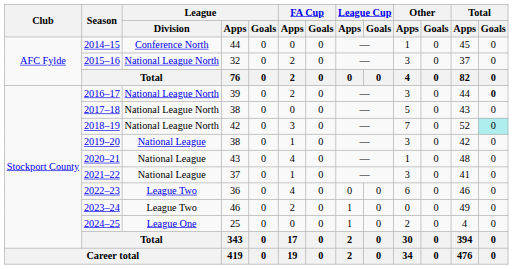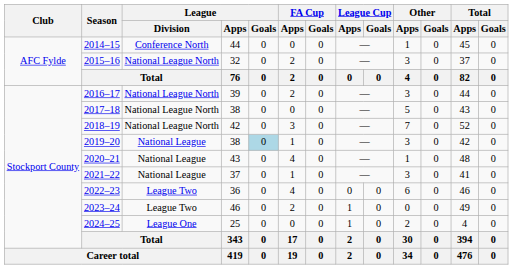 <table class="wikitable" style="text-align: center">
 <tr>
 <th rowspan="2">Club</th>
 <th rowspan="2">Season</th>
 <th colspan="3">League</th>
 <th colspan="2"><a href='#'>FA Cup</a></th>
 <th colspan="2"><a href='#'>League Cup</a></th>
 <th colspan="2">Other</th>
 <th colspan="2">Total</th>
 </tr>
 <tr>
 <th>Division</th>
 <th>Apps</th>
 <th>Goals</th>
 <th>Apps</th>
 <th>Goals</th>
 <th>Apps</th>
 <th>Goals</th>
 <th>Apps</th>
 <th>Goals</th>
 <th>Apps</th>
 <th>Goals</th>
 </tr>
 <tr>
 <td rowspan=3><a href='#'>AFC Fylde</a></td>
 <td><a href='#'>2014–15</a></td>
 <td><a href='#'>Conference North</a></td>
 <td>44</td>
 <td>0</td>
 <td>0</td>
 <td>0</td>
 <td colspan=2>—</td>
 <td>1</td>
 <td>0</td>
 <td>45</td>
 <td>0</td>
 </tr>
 <tr>
 <td><a href='#'>2015–16</a></td>
 <td><a href='#'>National League North</a></td>
 <td>32</td>
 <td>0</td>
 <td>2</td>
 <td>0</td>
 <td colspan=2>—</td>
 <td>3</td>
 <td>0</td>
 <td>37</td>
 <td>0</td>
 </tr>
 <tr>
 <th colspan=2>Total</th>
 <th>76</th>
 <th>0</th>
 <th>2</th>
 <th>0</th>
 <th>0</th>
 <th>0</th>
 <th>4</th>
 <th>0</th>
 <th>82</th>
 <th>0</th>
 </tr>
 <tr>
 <td rowspan=10><a href='#'>Stockport County</a></td>
 <td><a href='#'>2016–17</a></td>
 <td><a href='#'>National League North</a></td>
 <td>39</td>
 <td>0</td>
 <td>2</td>
 <td>0</td>
 <td colspan=2>—</td>
 <td>3</td>
 <td>0</td>
 <td>44</td>
-<td><strong>0</strong></td>
+<td>0</td>
 </tr>
 <tr>
 <td><a href='#'>2017–18</a></td>
 <td>National League North</td>
 <td>38</td>
 <td>0</td>
 <td>0</td>
 <td>0</td>
 <td colspan=2>—</td>
 <td>5</td>
 <td>0</td>
 <td>43</td>
 <td>0</td>
 </tr>
 <tr>
 <td><a href='#'>2018–19</a></td>
 <td>National League North</td>
 <td>42</td>
 <td>0</td>
 <td>3</td>
 <td>0</td>
 <td colspan=2>—</td>
 <td>7</td>
 <td>0</td>
 <td>52</td>
-<td style="background: paleturquoise;">0</td>
+<td>0</td>
 </tr>
 <tr>
 <td><a href='#'>2019–20</a></td>
 <td><a href='#'>National League</a></td>
 <td>38</td>
-<td>0</td>
+<td style="background: lightblue;">0</td>
 <td>1</td>
 <td>0</td>
 <td colspan=2>—</td>
 <td>3</td>
 <td>0</td>
 <td>42</td>
 <td>0</td>
 </tr>
 <tr>
 <td><a href='#'>2020–21</a></td>
 <td>National League</td>
 <td>43</td>
 <td>0</td>
 <td>4</td>
 <td>0</td>
 <td colspan=2>—</td>
 <td>1</td>
 <td>0</td>
 <td>48</td>
 <td>0</td>
 </tr>
 <tr>
 <td><a href='#'>2021–22</a></td>
 <td>National League</td>
 <td>37</td>
 <td>0</td>
 <td>1</td>
 <td>0</td>
 <td colspan=2>—</td>
 <td>3</td>
 <td>0</td>
 <td>41</td>
 <td>0</td>
 </tr>
 <tr>
 <td><a href='#'>2022–23</a></td>
 <td><a href='#'>League Two</a></td>
 <td>36</td>
 <td>0</td>
 <td>4</td>
 <td>0</td>
 <td>0</td>
 <td>0</td>
 <td>6</td>
 <td>0</td>
 <td>46</td>
 <td>0</td>
 </tr>
 <tr>
 <td><a href='#'>2023–24</a></td>
 <td>League Two</td>
 <td>46</td>
 <td>0</td>
 <td>2</td>
 <td>0</td>
 <td>1</td>
 <td>0</td>
 <td>0</td>
 <td>0</td>
 <td>49</td>
 <td>0</td>
 </tr>
 <tr>
 <td><a href='#'>2024–25</a></td>
 <td><a href='#'>League One</a></td>
 <td>25</td>
 <td>0</td>
 <td>0</td>
 <td>0</td>
 <td>1</td>
 <td>0</td>
 <td>2</td>
 <td>0</td>
 <td>4</td>
 <td>0</td>
 </tr>
 <tr>
 <th colspan=2>Total</th>
 <th>343</th>
 <th>0</th>
 <th>17</th>
 <th>0</th>
 <th>2</th>
 <th>0</th>
 <th>30</th>
 <th>0</th>
 <th>394</th>
 <th>0</th>
 </tr>
 <tr>
 <th colspan=3>Career total</th>
 <th>419</th>
 <th>0</th>
 <th>19</th>
 <th>0</th>
 <th>2</th>
 <th>0</th>
 <th>34</th>
 <th>0</th>
 <th>476</th>
 <th>0</th>
 </tr>
 </table>
